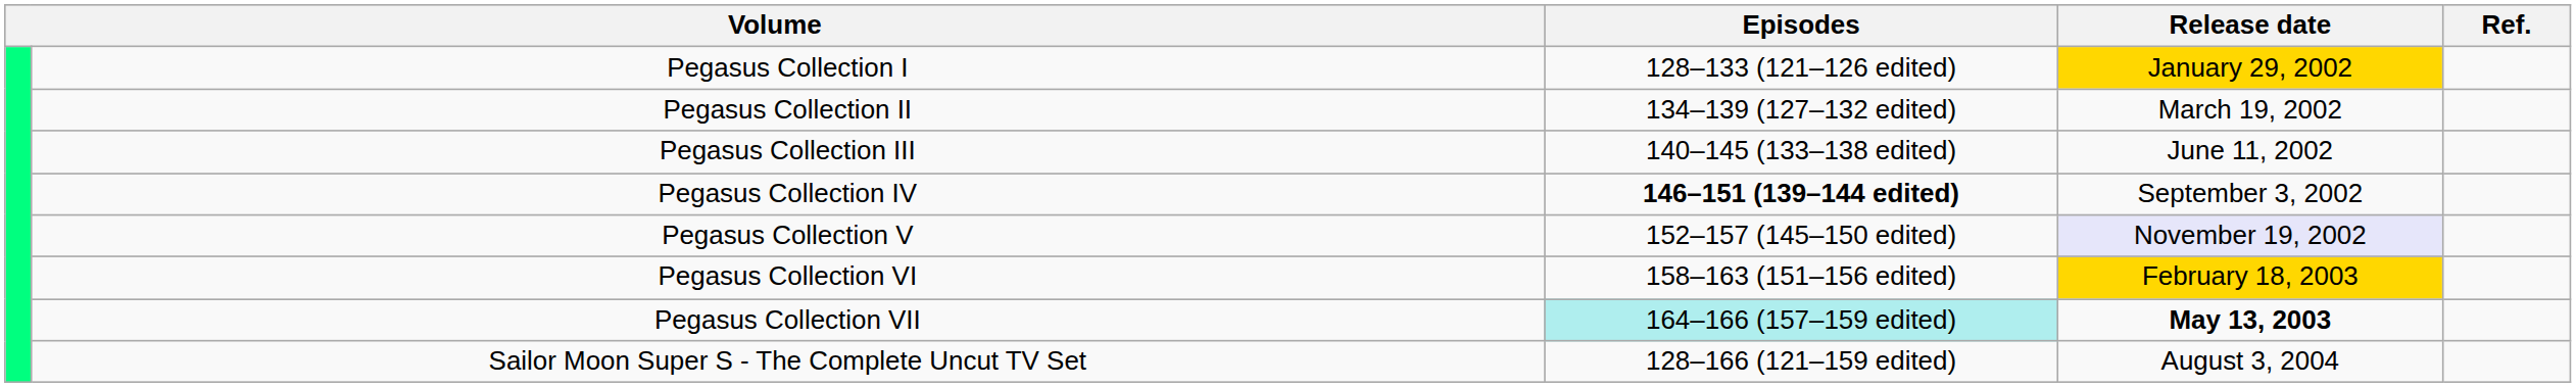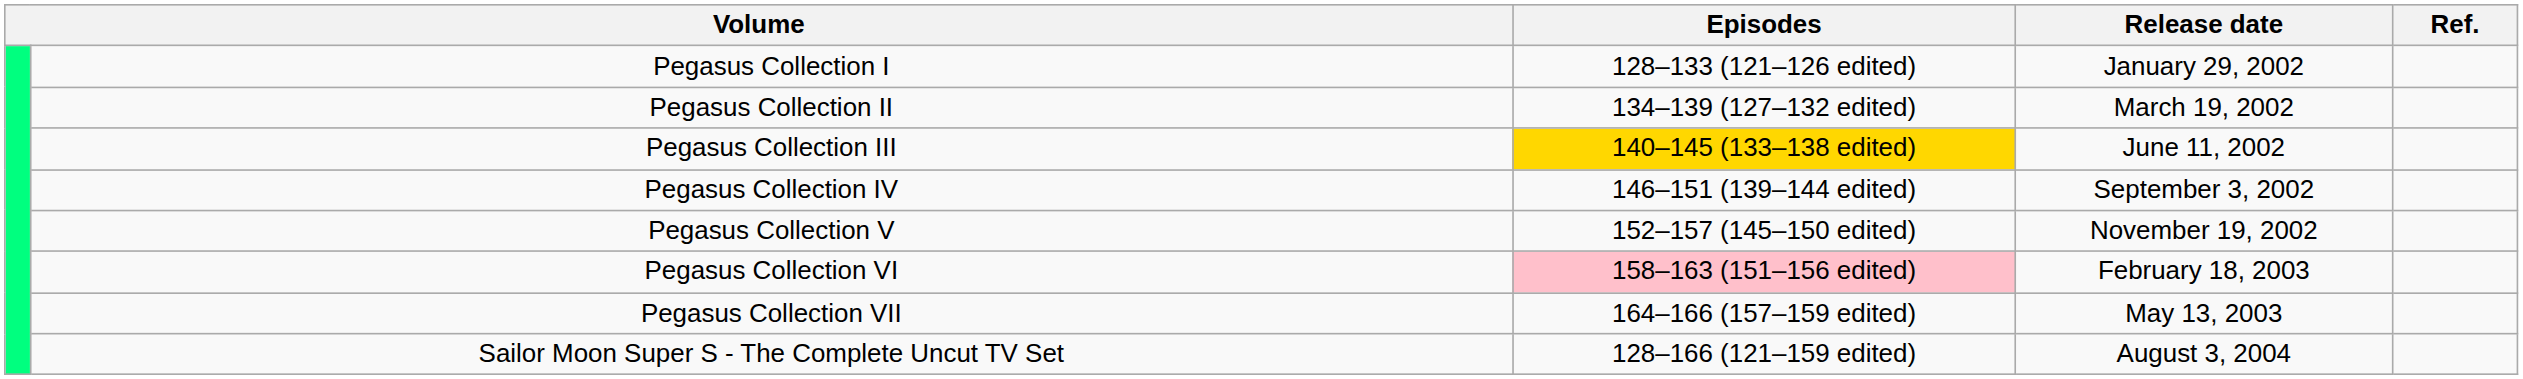 <table class="wikitable" style="text-align: center; width: 98%;">
 <tr>
 <th colspan="2">Volume</th>
 <th width="20%">Episodes</th>
 <th width="15%">Release date</th>
 <th width="5%">Ref.</th>
 </tr>
 <tr>
 <td rowspan="8" width="1%" style="background: #00FF7F;"></td>
 <td>Pegasus Collection I</td>
 <td>128–133 (121–126 edited)</td>
-<td style="background: gold;">January 29, 2002</td>
+<td>January 29, 2002</td>
 <td></td>
 </tr>
 <tr>
 <td>Pegasus Collection II</td>
 <td>134–139 (127–132 edited)</td>
 <td>March 19, 2002</td>
 <td></td>
 </tr>
 <tr>
 <td>Pegasus Collection III</td>
-<td>140–145 (133–138 edited)</td>
+<td style="background: gold;">140–145 (133–138 edited)</td>
 <td>June 11, 2002</td>
 <td></td>
 </tr>
 <tr>
 <td>Pegasus Collection IV</td>
-<td><strong>146–151 (139–144 edited)</strong></td>
+<td>146–151 (139–144 edited)</td>
 <td>September 3, 2002</td>
 <td></td>
 </tr>
 <tr>
 <td>Pegasus Collection V</td>
 <td>152–157 (145–150 edited)</td>
-<td style="background: lavender;">November 19, 2002</td>
+<td>November 19, 2002</td>
 <td></td>
 </tr>
 <tr>
 <td>Pegasus Collection VI</td>
-<td>158–163 (151–156 edited)</td>
-<td style="background: gold;">February 18, 2003</td>
+<td style="background: pink;">158–163 (151–156 edited)</td>
+<td>February 18, 2003</td>
 <td></td>
 </tr>
 <tr>
 <td>Pegasus Collection VII</td>
-<td style="background: paleturquoise;">164–166 (157–159 edited)</td>
-<td><strong>May 13, 2003</strong></td>
+<td>164–166 (157–159 edited)</td>
+<td>May 13, 2003</td>
 <td></td>
 </tr>
 <tr>
 <td>Sailor Moon Super S - The Complete Uncut TV Set</td>
 <td>128–166 (121–159 edited)</td>
 <td>August 3, 2004</td>
 <td></td>
 </tr>
 </table>
